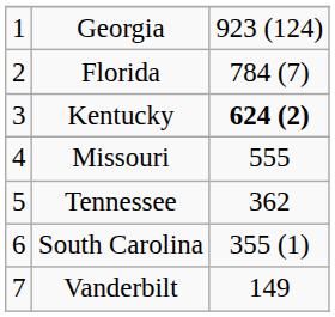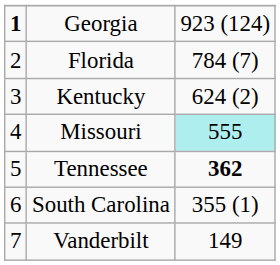 <table class="wikitable" style="display: inline-table;">
 <tr align="center">
 </tr>
 <tr align="center">
-<td>1</td>
+<td><strong>1</strong></td>
 <td>Georgia</td>
 <td>923 (124)</td>
 </tr>
 <tr align="center">
 <td>2</td>
 <td>Florida</td>
 <td>784 (7)</td>
 </tr>
 <tr align="center">
 <td>3</td>
 <td>Kentucky</td>
-<td><strong>624 (2)</strong></td>
+<td>624 (2)</td>
 </tr>
 <tr align="center">
 <td>4</td>
 <td>Missouri</td>
-<td>555</td>
+<td style="background: paleturquoise;">555</td>
 </tr>
 <tr align="center">
 <td>5</td>
 <td>Tennessee</td>
-<td>362</td>
+<td><strong>362</strong></td>
 </tr>
 <tr align="center">
 <td>6</td>
 <td>South Carolina</td>
 <td>355 (1)</td>
 </tr>
 <tr align="center">
 <td>7</td>
 <td>Vanderbilt</td>
 <td>149</td>
 </tr>
 </table>
